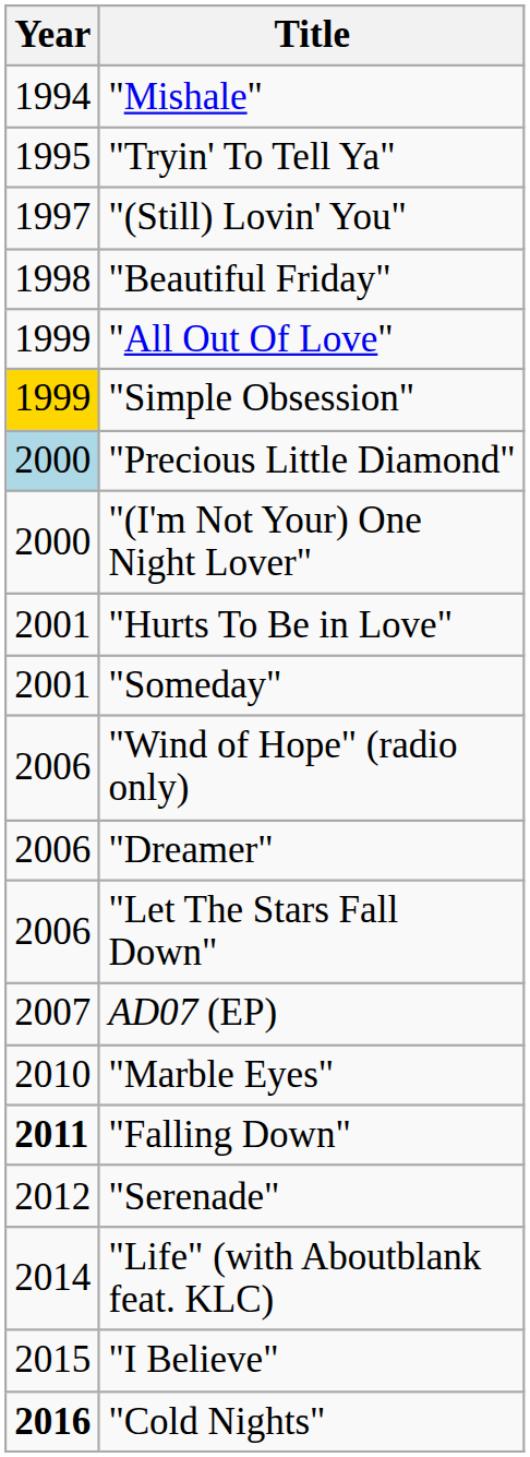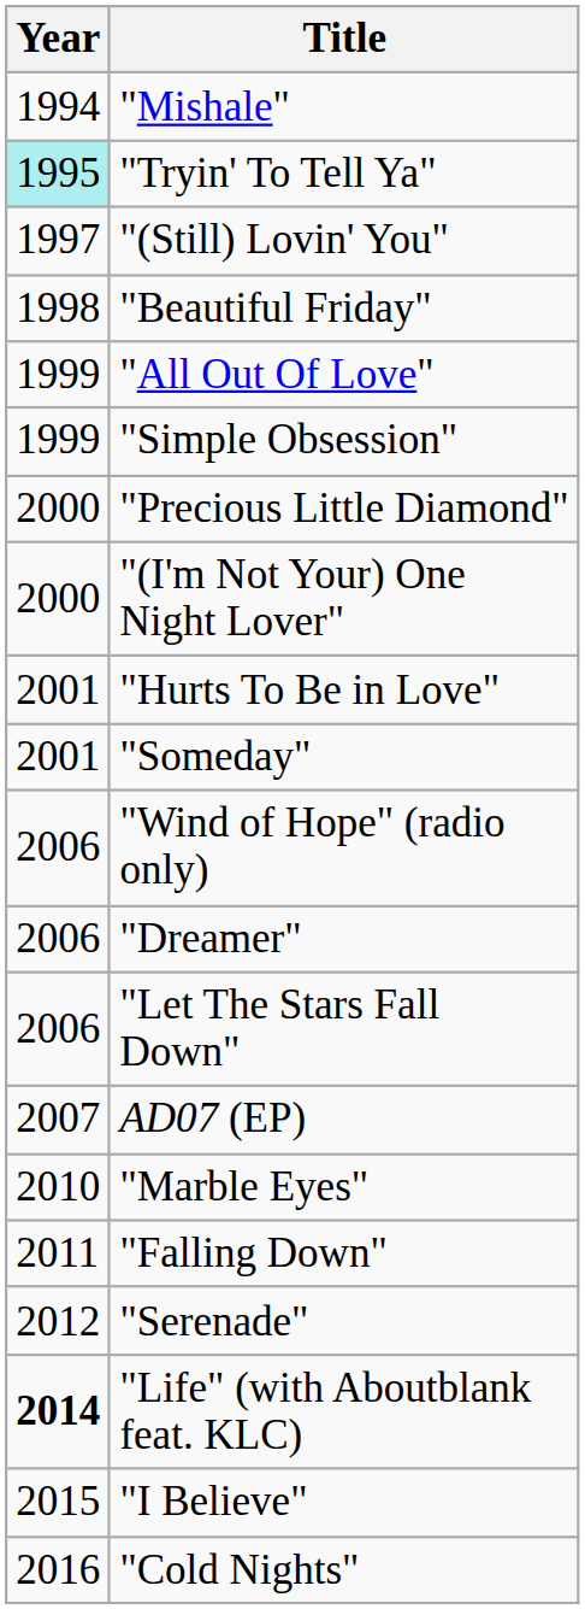 <table class="wikitable" style="margin:left;" width=35%>
 <tr>
 <th>Year</th>
 <th>Title</th>
 </tr>
 <tr>
 <td>1994</td>
 <td>"<a href='#'>Mishale</a>"</td>
 </tr>
 <tr>
-<td>1995</td>
+<td style="background: paleturquoise;">1995</td>
 <td>"Tryin' To Tell Ya"</td>
 </tr>
 <tr>
 <td>1997</td>
 <td>"(Still) Lovin' You"</td>
 </tr>
 <tr>
 <td>1998</td>
 <td>"Beautiful Friday"</td>
 </tr>
 <tr>
 <td>1999</td>
 <td>"<a href='#'>All Out Of Love</a>"</td>
 </tr>
 <tr>
-<td style="background: gold;">1999</td>
+<td>1999</td>
 <td>"Simple Obsession"</td>
 </tr>
 <tr>
-<td style="background: lightblue;">2000</td>
+<td>2000</td>
 <td>"Precious Little Diamond"</td>
 </tr>
 <tr>
 <td>2000</td>
 <td>"(I'm Not Your) One Night Lover"</td>
 </tr>
 <tr>
 <td>2001</td>
 <td>"Hurts To Be in Love"</td>
 </tr>
 <tr>
 <td>2001</td>
 <td>"Someday"</td>
 </tr>
 <tr>
 <td>2006</td>
 <td>"Wind of Hope" (radio only)</td>
 </tr>
 <tr>
 <td>2006</td>
 <td>"Dreamer"</td>
 </tr>
 <tr>
 <td>2006</td>
 <td>"Let The Stars Fall Down"</td>
 </tr>
 <tr>
 <td>2007</td>
 <td><em>AD07</em> (EP)</td>
 </tr>
 <tr>
 <td>2010</td>
 <td>"Marble Eyes"</td>
 </tr>
 <tr>
-<td><strong>2011</strong></td>
+<td>2011</td>
 <td>"Falling Down"</td>
 </tr>
 <tr>
 <td>2012</td>
 <td>"Serenade"</td>
 </tr>
 <tr>
-<td>2014</td>
+<td><strong>2014</strong></td>
 <td>"Life" (with Aboutblank feat. KLC)</td>
 </tr>
 <tr>
 <td>2015</td>
 <td>"I Believe"</td>
 </tr>
 <tr>
-<td><strong>2016</strong></td>
+<td>2016</td>
 <td>"Cold Nights"</td>
 </tr>
 </table>
